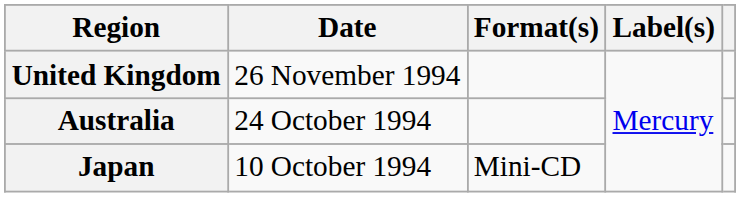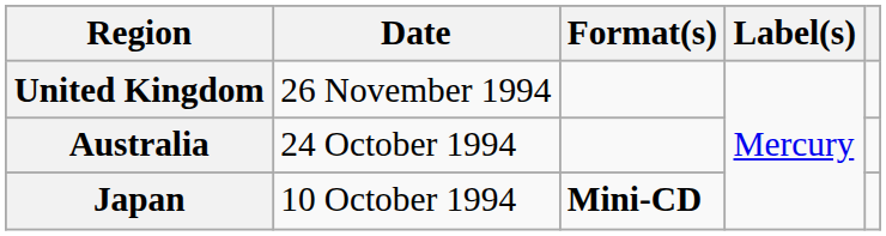 <table class="wikitable plainrowheaders">
 <tr>
 <th scope="col">Region</th>
 <th scope="col">Date</th>
 <th scope="col">Format(s)</th>
 <th scope="col">Label(s)</th>
 <th scope="col"></th>
 </tr>
 <tr>
 <th scope="row">United Kingdom</th>
 <td>26 November 1994</td>
 <td></td>
 <td rowspan="3"><a href='#'>Mercury</a></td>
 <td></td>
 </tr>
 <tr>
 <th scope="row">Australia</th>
 <td>24 October 1994</td>
 <td></td>
 <td></td>
 </tr>
 <tr>
 <th scope="row">Japan</th>
 <td>10 October 1994</td>
-<td>Mini-CD</td>
+<td><strong>Mini-CD</strong></td>
 <td></td>
 </tr>
 </table>
